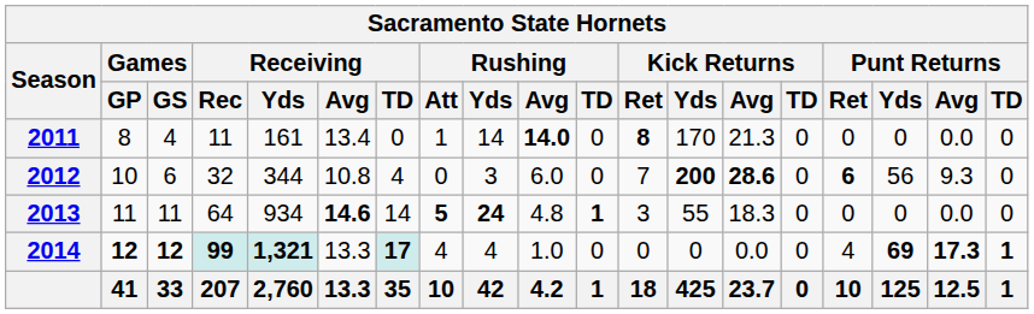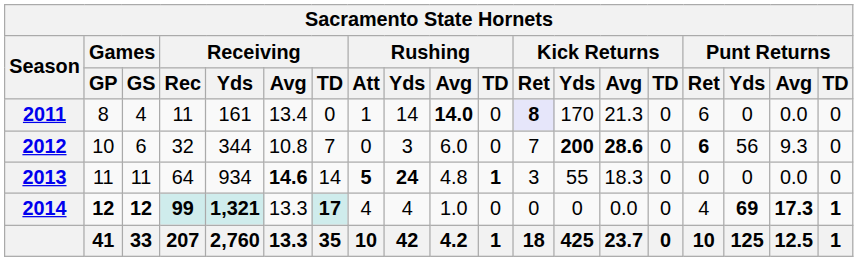 <table class="wikitable" style="text-align:center;">
 <tr>
 <th colspan="19">Sacramento State Hornets</th>
 </tr>
 <tr>
 <th rowspan="2">Season</th>
 <th colspan="2">Games</th>
 <th colspan="4">Receiving</th>
 <th colspan="4">Rushing</th>
 <th colspan="4">Kick Returns</th>
 <th colspan="4">Punt Returns</th>
 </tr>
 <tr>
 <th>GP</th>
 <th>GS</th>
 <th>Rec</th>
 <th>Yds</th>
 <th>Avg</th>
 <th>TD</th>
 <th>Att</th>
 <th>Yds</th>
 <th>Avg</th>
 <th>TD</th>
 <th>Ret</th>
 <th>Yds</th>
 <th>Avg</th>
 <th>TD</th>
 <th>Ret</th>
 <th>Yds</th>
 <th>Avg</th>
 <th>TD</th>
 </tr>
 <tr>
 <th><a href='#'>2011</a></th>
 <td>8</td>
 <td>4</td>
 <td>11</td>
 <td>161</td>
 <td>13.4</td>
 <td>0</td>
 <td>1</td>
 <td>14</td>
 <td><strong>14.0</strong></td>
 <td>0</td>
-<td><strong>8</strong></td>
+<td style="background: lavender;"><strong>8</strong></td>
 <td>170</td>
 <td>21.3</td>
 <td>0</td>
-<td>0</td>
+<td>6</td>
 <td>0</td>
 <td>0.0</td>
 <td>0</td>
 </tr>
 <tr>
 <th><a href='#'>2012</a></th>
 <td>10</td>
 <td>6</td>
 <td>32</td>
 <td>344</td>
 <td>10.8</td>
-<td>4</td>
+<td>7</td>
 <td>0</td>
 <td>3</td>
 <td>6.0</td>
 <td>0</td>
 <td>7</td>
 <td><strong>200</strong></td>
 <td><strong>28.6</strong></td>
 <td>0</td>
 <td><strong>6</strong></td>
 <td>56</td>
 <td>9.3</td>
 <td>0</td>
 </tr>
 <tr>
 <th><a href='#'>2013</a></th>
 <td>11</td>
 <td>11</td>
 <td>64</td>
 <td>934</td>
 <td><strong>14.6</strong></td>
 <td>14</td>
 <td><strong>5</strong></td>
 <td><strong>24</strong></td>
 <td>4.8</td>
 <td><strong>1</strong></td>
 <td>3</td>
 <td>55</td>
 <td>18.3</td>
 <td>0</td>
 <td>0</td>
 <td>0</td>
 <td>0.0</td>
 <td>0</td>
 </tr>
 <tr>
 <th><a href='#'>2014</a></th>
 <td><strong>12</strong></td>
 <td><strong>12</strong></td>
 <td style="background:#cfecec;"><strong>99</strong></td>
 <td style="background:#cfecec;"><strong>1,321</strong></td>
 <td>13.3</td>
 <td style="background:#cfecec;"><strong>17</strong></td>
 <td>4</td>
 <td>4</td>
 <td>1.0</td>
 <td>0</td>
 <td>0</td>
 <td>0</td>
 <td>0.0</td>
 <td>0</td>
 <td>4</td>
 <td><strong>69</strong></td>
 <td><strong>17.3</strong></td>
 <td><strong>1</strong></td>
 </tr>
 <tr>
 <th></th>
 <th>41</th>
 <th>33</th>
 <th>207</th>
 <th>2,760</th>
 <th>13.3</th>
 <th>35</th>
 <th>10</th>
 <th>42</th>
 <th>4.2</th>
 <th>1</th>
 <th>18</th>
 <th>425</th>
 <th>23.7</th>
 <th>0</th>
 <th>10</th>
 <th>125</th>
 <th>12.5</th>
 <th>1</th>
 </tr>
 </table>
